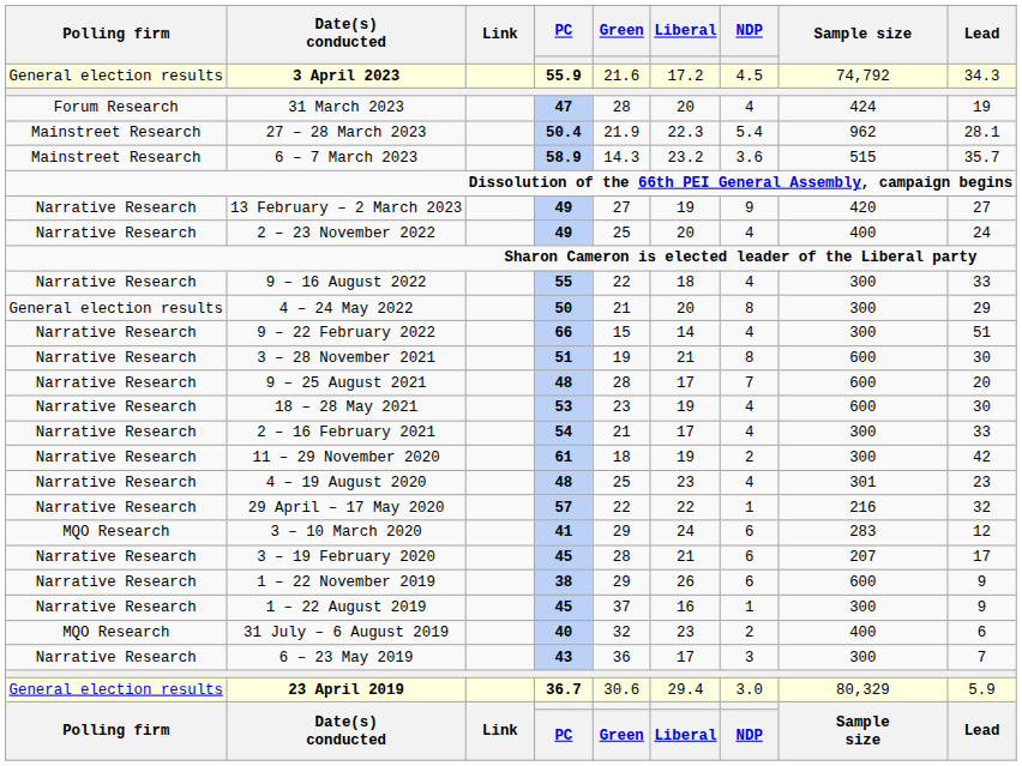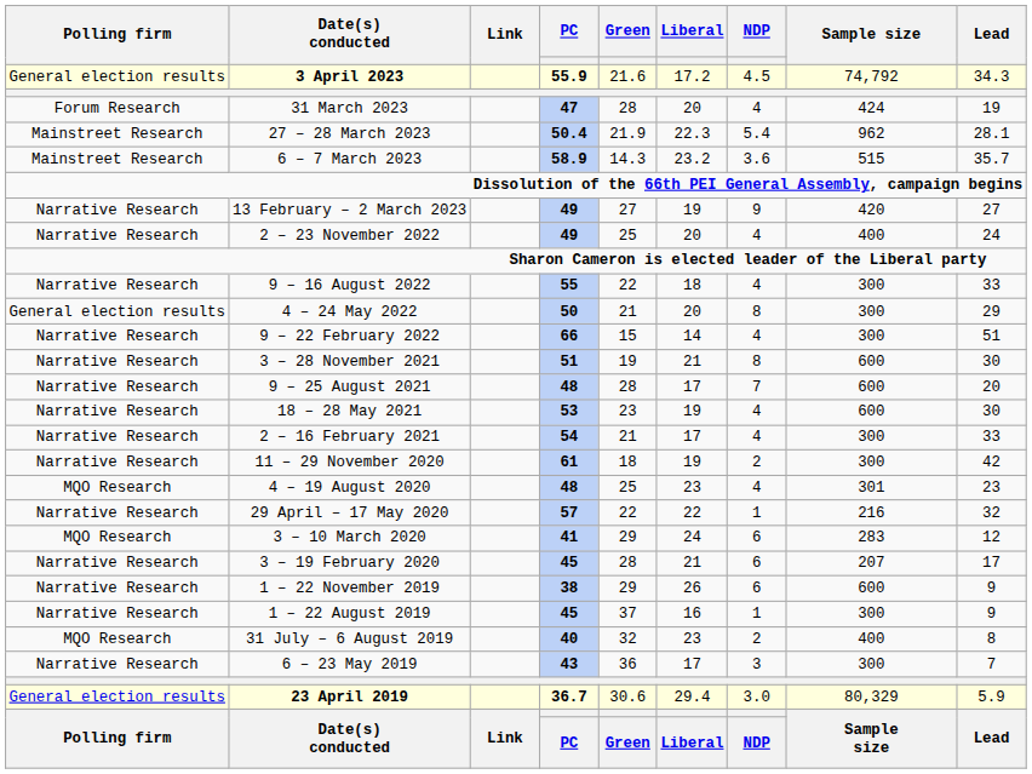 <table class="wikitable sortable tpl-blanktable" style="text-align:center;font-size:90%;line-height:14px">
 <tr style="height:40px;">
 <th rowspan="2">Polling firm</th>
 <th rowspan="2">Date(s)<br>conducted</th>
 <th rowspan="2">Link</th>
 <th class="unsortable" style="width:40px;"><a href='#'>PC</a></th>
 <th class="unsortable" style="width:40px;"><a href='#'>Green</a></th>
 <th class="unsortable" style="width:40px;"><a href='#'>Liberal</a></th>
 <th class="unsortable" style="width:40px;"><a href='#'>NDP</a></th>
 <th rowspan="2">Sample size</th>
 <th rowspan="2">Lead</th>
 </tr>
 <tr>
 <th style="background:"></th>
 <th style="background:"></th>
 <th style="background:"></th>
 <th style="background:"></th>
 </tr>
 <tr style="background:#ffd;">
 <td>General election results</td>
 <td data-sort-value="2023-04-03"><strong>3 April 2023</strong></td>
 <td></td>
 <td><strong>55.9</strong></td>
 <td>21.6</td>
 <td>17.2</td>
 <td>4.5</td>
 <td>74,792</td>
 <td style="background:">34.3</td>
 </tr>
 <tr>
 <th colspan="11"></th>
 </tr>
 <tr>
 <td>Forum Research</td>
 <td data-sort-value="2023-03-31">31 March 2023</td>
 <td></td>
 <td style="background:#BCD1F7"><strong>47</strong></td>
 <td>28</td>
 <td>20</td>
 <td>4</td>
 <td>424</td>
 <td style="background:">19</td>
 </tr>
 <tr>
 <td>Mainstreet Research</td>
 <td data-sort-value="2023-03-28">27 – 28 March 2023</td>
 <td></td>
 <td style="background:#BCD1F7"><strong>50.4</strong></td>
 <td>21.9</td>
 <td>22.3</td>
 <td>5.4</td>
 <td>962</td>
 <td style="background:">28.1</td>
 </tr>
 <tr>
 <td>Mainstreet Research</td>
 <td data-sort-value="2023-03-07">6 – 7 March 2023</td>
 <td></td>
 <td style="background:#BCD1F7"><strong>58.9</strong></td>
 <td>14.3</td>
 <td>23.2</td>
 <td>3.6</td>
 <td>515</td>
 <td style="background:">35.7</td>
 </tr>
 <tr>
 <td style="border-right-style:hidden;"></td>
 <td style="border-right-style:hidden;"><strong></strong></td>
 <td colspan="9"><strong>Dissolution of the <a href='#'>66th PEI General Assembly</a>, campaign begins</strong></td>
 </tr>
 <tr>
 <td>Narrative Research</td>
 <td data-sort-value="2023-03-02">13 February – 2 March 2023</td>
 <td></td>
 <td style="background:#BCD1F7"><strong>49</strong></td>
 <td>27</td>
 <td>19</td>
 <td>9</td>
 <td>420</td>
 <td style="background:">27</td>
 </tr>
 <tr>
 <td>Narrative Research</td>
 <td data-sort-value="2022-11-23">2 – 23 November 2022</td>
 <td></td>
 <td style="background:#BCD1F7"><strong>49</strong></td>
 <td>25</td>
 <td>20</td>
 <td>4</td>
 <td>400</td>
 <td style="background:">24</td>
 </tr>
 <tr>
 <td style="border-right-style:hidden;"></td>
 <td style="border-right-style:hidden;"><strong></strong></td>
 <td colspan="9"><strong>Sharon Cameron is elected leader of the Liberal party</strong></td>
 </tr>
 <tr>
 <td>Narrative Research</td>
 <td data-sort-value="2022-08-16">9 – 16 August 2022</td>
 <td></td>
 <td style="background:#BCD1F7"><strong>55</strong></td>
 <td>22</td>
 <td>18</td>
 <td>4</td>
 <td>300</td>
 <td style="background:">33</td>
 </tr>
 <tr>
 <td>General election results</td>
 <td data-sort-value="2022-05-24">4 – 24 May 2022</td>
 <td></td>
 <td style="background:#BCD1F7"><strong>50</strong></td>
 <td>21</td>
 <td>20</td>
 <td>8</td>
 <td>300</td>
 <td style="background:">29</td>
 </tr>
 <tr>
 <td>Narrative Research</td>
 <td data-sort-value="2022-02-22">9 – 22 February 2022</td>
 <td></td>
 <td style="background:#BCD1F7"><strong>66</strong></td>
 <td>15</td>
 <td>14</td>
 <td>4</td>
 <td>300</td>
 <td style="background:">51</td>
 </tr>
 <tr>
 <td>Narrative Research</td>
 <td data-sort-value="2021-11-28">3 – 28 November 2021</td>
 <td></td>
 <td style="background:#BCD1F7"><strong>51</strong></td>
 <td>19</td>
 <td>21</td>
 <td>8</td>
 <td>600</td>
 <td style="background:">30</td>
 </tr>
 <tr>
 <td>Narrative Research</td>
 <td data-sort-value="2021-08-25">9 – 25 August 2021</td>
 <td></td>
 <td style="background:#BCD1F7"><strong>48</strong></td>
 <td>28</td>
 <td>17</td>
 <td>7</td>
 <td>600</td>
 <td style="background:">20</td>
 </tr>
 <tr>
 <td>Narrative Research</td>
 <td data-sort-value="2021-05-28">18 – 28 May 2021</td>
 <td></td>
 <td style="background:#BCD1F7"><strong>53</strong></td>
 <td>23</td>
 <td>19</td>
 <td>4</td>
 <td>600</td>
 <td style="background:">30</td>
 </tr>
 <tr>
 <td>Narrative Research</td>
 <td data-sort-value="2021-02-16">2 – 16 February 2021</td>
 <td></td>
 <td style="background:#BCD1F7"><strong>54</strong></td>
 <td>21</td>
 <td>17</td>
 <td>4</td>
 <td>300</td>
 <td style="background:">33</td>
 </tr>
 <tr>
 <td>Narrative Research</td>
 <td data-sort-value="2020-11-29">11 – 29 November 2020</td>
 <td></td>
 <td style="background:#BCD1F7"><strong>61</strong></td>
 <td>18</td>
 <td>19</td>
 <td>2</td>
 <td>300</td>
 <td style="background:">42</td>
 </tr>
 <tr>
-<td>Narrative Research</td>
+<td>MQO Research</td>
 <td data-sort-value="2020-08-19">4 – 19 August 2020</td>
 <td></td>
 <td style="background:#BCD1F7"><strong>48</strong></td>
 <td>25</td>
 <td>23</td>
 <td>4</td>
 <td>301</td>
 <td style="background:">23</td>
 </tr>
 <tr>
 <td>Narrative Research</td>
 <td data-sort-value="2020-05-17">29 April – 17 May 2020</td>
 <td></td>
 <td style="background:#BCD1F7"><strong>57</strong></td>
 <td>22</td>
 <td>22</td>
 <td>1</td>
 <td>216</td>
 <td style="background:">32</td>
 </tr>
 <tr>
 <td>MQO Research</td>
 <td data-sort-value="2020-03-10">3 – 10 March 2020</td>
 <td></td>
 <td style="background:#BCD1F7"><strong>41</strong></td>
 <td>29</td>
 <td>24</td>
 <td>6</td>
 <td>283</td>
 <td style="background:">12</td>
 </tr>
 <tr>
 <td>Narrative Research</td>
 <td data-sort-value="2020-02-19">3 – 19 February 2020</td>
 <td></td>
 <td style="background:#BCD1F7"><strong>45</strong></td>
 <td>28</td>
 <td>21</td>
 <td>6</td>
 <td>207</td>
 <td style="background:">17</td>
 </tr>
 <tr>
 <td>Narrative Research</td>
 <td data-sort-value="2019-11-22">1 – 22 November 2019</td>
 <td></td>
 <td style="background:#BCD1F7"><strong>38</strong></td>
 <td>29</td>
 <td>26</td>
 <td>6</td>
 <td>600</td>
 <td style="background:">9</td>
 </tr>
 <tr>
 <td>Narrative Research</td>
 <td data-sort-value="2019-08-22">1 – 22 August 2019</td>
 <td></td>
 <td style="background:#BCD1F7"><strong>45</strong></td>
 <td>37</td>
 <td>16</td>
 <td>1</td>
 <td>300</td>
 <td style="background:">9</td>
 </tr>
 <tr>
 <td>MQO Research</td>
 <td data-sort-value="2019-08-06">31 July – 6 August 2019</td>
 <td></td>
 <td style="background:#BCD1F7"><strong>40</strong></td>
 <td>32</td>
 <td>23</td>
 <td>2</td>
 <td>400</td>
-<td style="background:">6</td>
+<td style="background:">8</td>
 </tr>
 <tr>
 <td>Narrative Research</td>
 <td data-sort-value="2019-05-23">6 – 23 May 2019</td>
 <td></td>
 <td style="background:#BCD1F7"><strong>43</strong></td>
 <td>36</td>
 <td>17</td>
 <td>3</td>
 <td>300</td>
 <td style="background:">7</td>
 </tr>
 <tr>
 <th colspan="11"></th>
 </tr>
 <tr style="background:#ffd;">
 <td><a href='#'>General election results</a></td>
 <td data-sort-value="2019-04-23"><strong>23 April 2019</strong></td>
 <td></td>
 <td><strong>36.7</strong></td>
 <td>30.6</td>
 <td>29.4</td>
 <td>3.0</td>
 <td>80,329</td>
 <td style="background:">5.9</td>
 </tr>
 <tr>
 <th rowspan="2">Polling firm</th>
 <th rowspan="2">Date(s)<br>conducted</th>
 <th rowspan="2">Link</th>
 <th style="background:"></th>
 <th style="background:"></th>
 <th style="background:"></th>
 <th style="background:"></th>
 <th rowspan="2">Sample<br>size</th>
 <th rowspan="2">Lead</th>
 </tr>
 <tr style="height:40px;">
 <th class="unsortable" style="width:40px;"><a href='#'>PC</a></th>
 <th class="unsortable" style="width:40px;"><a href='#'>Green</a></th>
 <th class="unsortable" style="width:40px;"><a href='#'>Liberal</a></th>
 <th class="unsortable" style="width:40px;"><a href='#'>NDP</a></th>
 </tr>
 </table>
